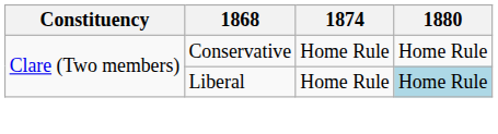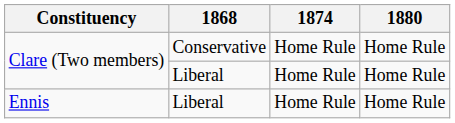 <table class="wikitable">
 <tr>
 <th>Constituency</th>
 <th>1868</th>
 <th>1874</th>
 <th>1880</th>
 </tr>
 <tr>
 <td rowspan="2"><a href='#'>Clare</a> (Two members)</td>
 <td>Conservative</td>
 <td>Home Rule</td>
 <td>Home Rule</td>
 </tr>
 <tr>
 <td>Liberal</td>
 <td>Home Rule</td>
-<td style="background: lightblue;">Home Rule</td>
+<td>Home Rule</td>
+</tr>
+<tr>
+<td><a href='#'>Ennis</a></td>
+<td>Liberal</td>
+<td>Home Rule</td>
+<td>Home Rule</td>
 </tr>
 </table>
